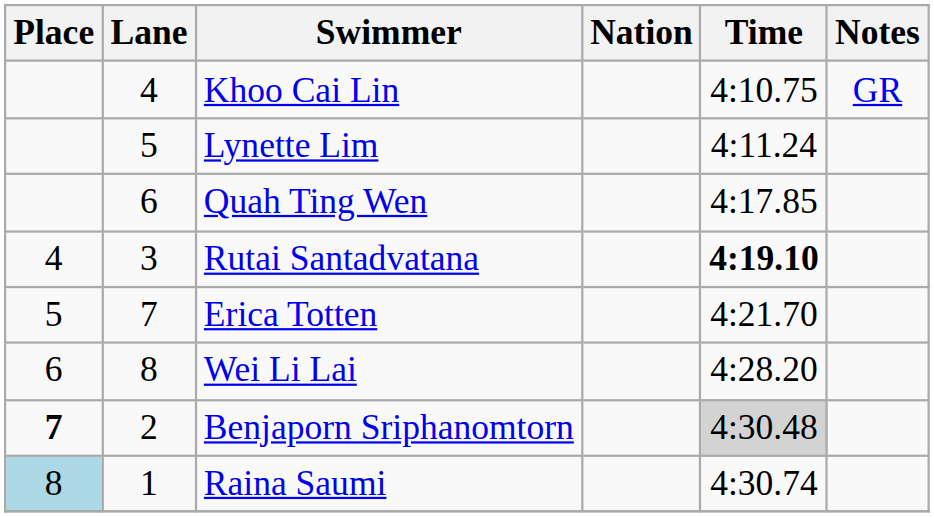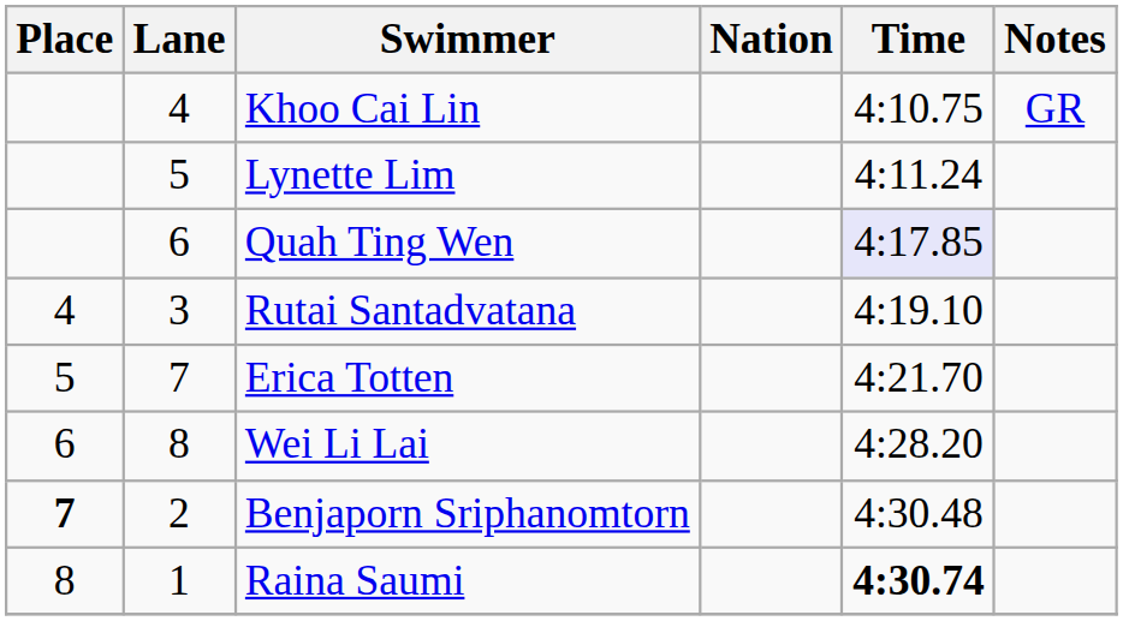 <table class="wikitable sortable" style="text-align:center">
 <tr>
 <th>Place</th>
 <th>Lane</th>
 <th>Swimmer</th>
 <th>Nation</th>
 <th>Time</th>
 <th>Notes</th>
 </tr>
 <tr>
 <td></td>
 <td>4</td>
 <td align=left><a href='#'>Khoo Cai Lin</a></td>
 <td align=left></td>
 <td>4:10.75</td>
 <td><a href='#'>GR</a></td>
 </tr>
 <tr>
 <td></td>
 <td>5</td>
 <td align=left><a href='#'>Lynette Lim</a></td>
 <td align=left></td>
 <td>4:11.24</td>
 <td></td>
 </tr>
 <tr>
 <td></td>
 <td>6</td>
 <td align=left><a href='#'>Quah Ting Wen</a></td>
 <td align=left></td>
-<td>4:17.85</td>
+<td style="background: lavender;">4:17.85</td>
 <td></td>
 </tr>
 <tr>
 <td>4</td>
 <td>3</td>
 <td align=left><a href='#'>Rutai Santadvatana</a></td>
 <td align=left></td>
-<td><strong>4:19.10</strong></td>
+<td>4:19.10</td>
 <td></td>
 </tr>
 <tr>
 <td>5</td>
 <td>7</td>
 <td align=left><a href='#'>Erica Totten</a></td>
 <td align=left></td>
 <td>4:21.70</td>
 <td></td>
 </tr>
 <tr>
 <td>6</td>
 <td>8</td>
 <td align=left><a href='#'>Wei Li Lai</a></td>
 <td align=left></td>
 <td>4:28.20</td>
 <td></td>
 </tr>
 <tr>
 <td><strong>7</strong></td>
 <td>2</td>
 <td align=left><a href='#'>Benjaporn Sriphanomtorn</a></td>
 <td align=left></td>
-<td style="background: lightgrey;">4:30.48</td>
+<td>4:30.48</td>
 <td></td>
 </tr>
 <tr>
-<td style="background: lightblue;">8</td>
+<td>8</td>
 <td>1</td>
 <td align=left><a href='#'>Raina Saumi</a></td>
 <td align=left></td>
-<td>4:30.74</td>
+<td><strong>4:30.74</strong></td>
 <td></td>
 </tr>
 <tr>
 </tr>
 </table>
